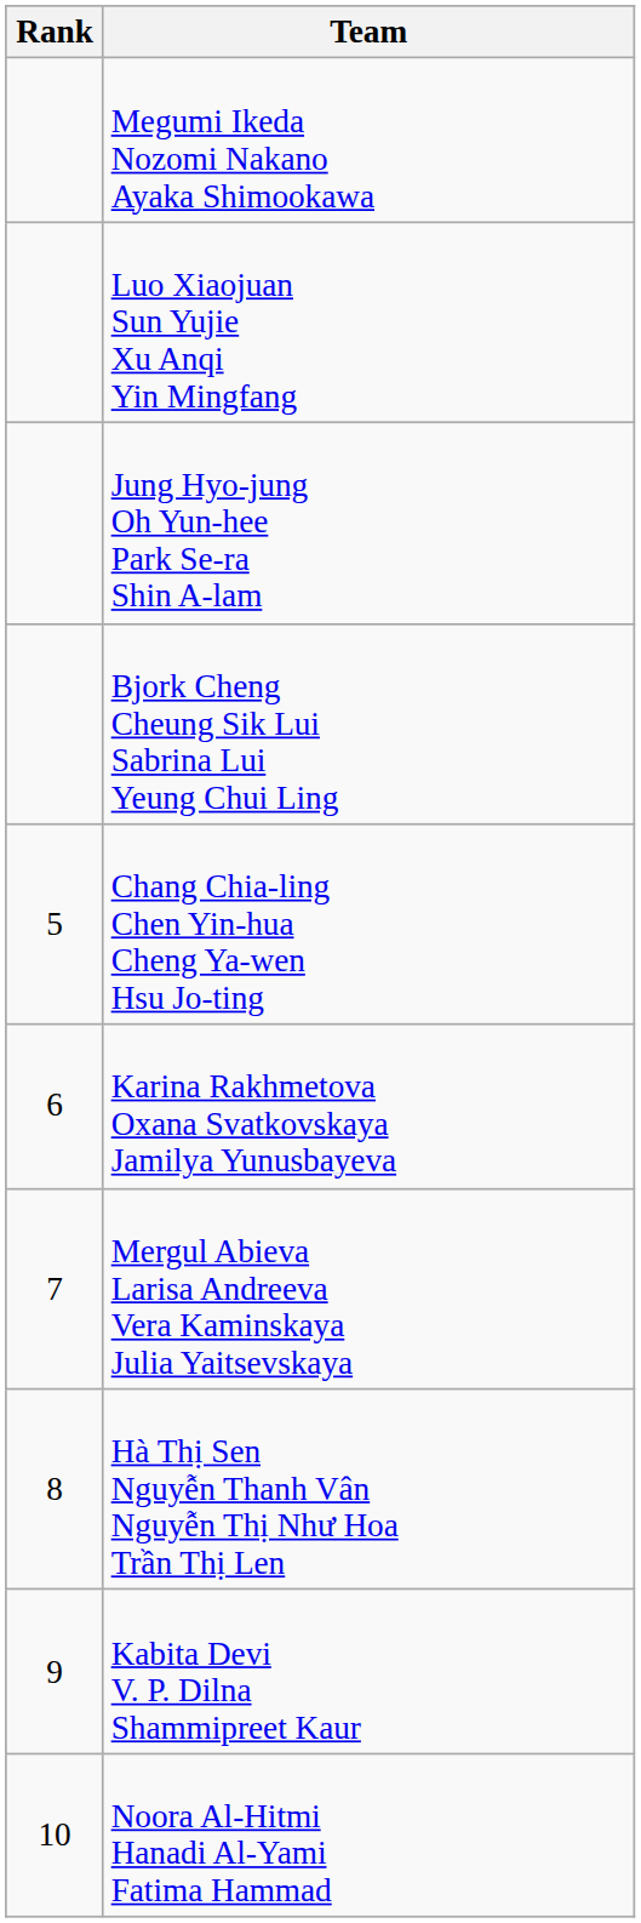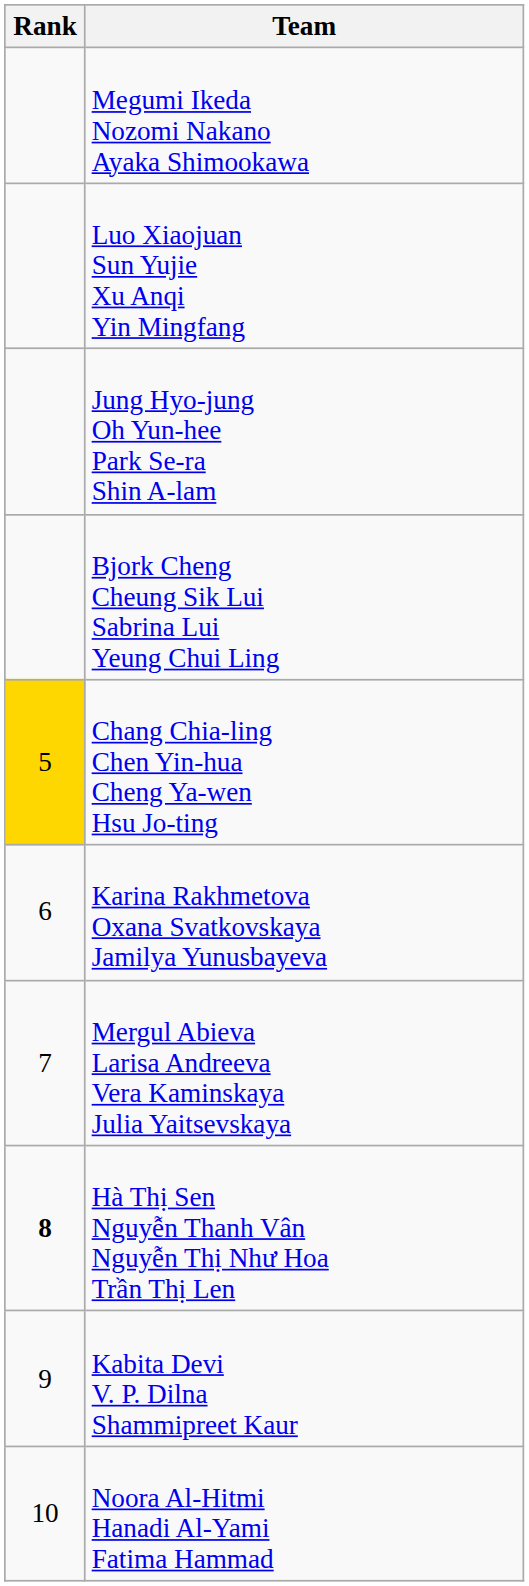 <table class="wikitable" style="text-align: center;">
 <tr>
 <th width=40>Rank</th>
 <th width=250>Team</th>
 </tr>
 <tr>
 <td></td>
 <td align=left><br><a href='#'>Megumi Ikeda</a><br><a href='#'>Nozomi Nakano</a><br><a href='#'>Ayaka Shimookawa</a></td>
 </tr>
 <tr>
 <td></td>
 <td align=left><br><a href='#'>Luo Xiaojuan</a><br><a href='#'>Sun Yujie</a><br><a href='#'>Xu Anqi</a><br><a href='#'>Yin Mingfang</a></td>
 </tr>
 <tr>
 <td></td>
 <td align=left><br><a href='#'>Jung Hyo-jung</a><br><a href='#'>Oh Yun-hee</a><br><a href='#'>Park Se-ra</a><br><a href='#'>Shin A-lam</a></td>
 </tr>
 <tr>
 <td></td>
 <td align=left><br><a href='#'>Bjork Cheng</a><br><a href='#'>Cheung Sik Lui</a><br><a href='#'>Sabrina Lui</a><br><a href='#'>Yeung Chui Ling</a></td>
 </tr>
 <tr>
-<td>5</td>
+<td style="background: gold;">5</td>
 <td align=left><br><a href='#'>Chang Chia-ling</a><br><a href='#'>Chen Yin-hua</a><br><a href='#'>Cheng Ya-wen</a><br><a href='#'>Hsu Jo-ting</a></td>
 </tr>
 <tr>
 <td>6</td>
 <td align=left><br><a href='#'>Karina Rakhmetova</a><br><a href='#'>Oxana Svatkovskaya</a><br><a href='#'>Jamilya Yunusbayeva</a></td>
 </tr>
 <tr>
 <td>7</td>
 <td align=left><br><a href='#'>Mergul Abieva</a><br><a href='#'>Larisa Andreeva</a><br><a href='#'>Vera Kaminskaya</a><br><a href='#'>Julia Yaitsevskaya</a></td>
 </tr>
 <tr>
-<td>8</td>
+<td><strong>8</strong></td>
 <td align=left><br><a href='#'>Hà Thị Sen</a><br><a href='#'>Nguyễn Thanh Vân</a><br><a href='#'>Nguyễn Thị Như Hoa</a><br><a href='#'>Trần Thị Len</a></td>
 </tr>
 <tr>
 <td>9</td>
 <td align=left><br><a href='#'>Kabita Devi</a><br><a href='#'>V. P. Dilna</a><br><a href='#'>Shammipreet Kaur</a></td>
 </tr>
 <tr>
 <td>10</td>
 <td align=left><br><a href='#'>Noora Al-Hitmi</a><br><a href='#'>Hanadi Al-Yami</a><br><a href='#'>Fatima Hammad</a></td>
 </tr>
 </table>
